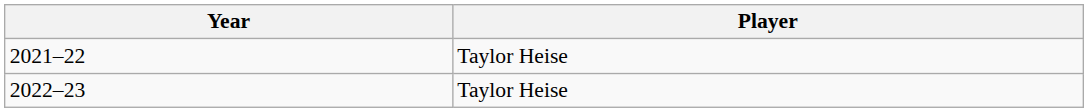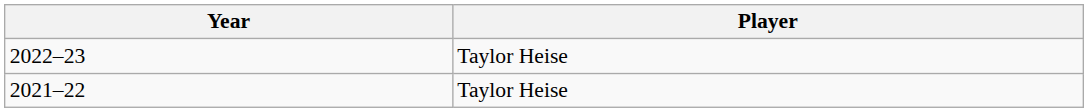 <table class="wikitable" style="width: 50em">
 <tr>
 <th>Year</th>
 <th>Player</th>
 </tr>
 <tr>
+<td>2022–23</td>
+<td>Taylor Heise</td>
+</tr>
+<tr>
 <td>2021–22</td>
 <td>Taylor Heise</td>
 </tr>
-<tr>
-<td>2022–23</td>
-<td>Taylor Heise</td>
-</tr>
 </table>
